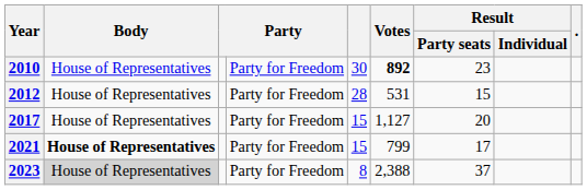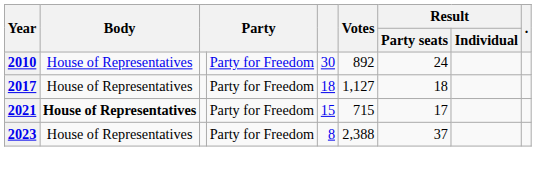 <table class="wikitable plainrowheaders sortable" border=2 cellpadding=4 cellspacing=0 style="border: 1px #aaa solid; font-size: 90%; text-align:center;">
 <tr>
 <th scope="col" rowspan=2>Year</th>
 <th scope="col" rowspan=2>Body</th>
 <th scope="col" colspan=2 rowspan=2>Party</th>
 <th scope="col" rowspan=2></th>
 <th scope="col" rowspan=2>Votes</th>
 <th scope="colgroup" colspan=2>Result</th>
 <th scope="col" rowspan=2 class="unsortable">.</th>
 </tr>
 <tr>
 <th scope="col">Party seats</th>
 <th scope="col">Individual</th>
 </tr>
 <tr>
 <th scope="row"><a href='#'>2010</a></th>
 <td><a href='#'>House of Representatives</a></td>
 <td style="background-color:"></td>
 <td><a href='#'>Party for Freedom</a></td>
 <td style=text-align:right><a href='#'>30</a></td>
-<td style=text-align:right><strong>892</strong></td>
-<td style=text-align:right>23</td>
-<td></td>
-<td></td>
-</tr>
-<tr>
-<th scope="row"><a href='#'>2012</a></th>
-<td>House of Representatives</td>
-<td style="background-color:"></td>
-<td>Party for Freedom</td>
-<td style=text-align:right><a href='#'>28</a></td>
-<td style=text-align:right>531</td>
-<td style=text-align:right>15</td>
+<td style=text-align:right>892</td>
+<td style=text-align:right>24</td>
 <td></td>
 <td></td>
 </tr>
 <tr>
 <th scope="row"><a href='#'>2017</a></th>
 <td>House of Representatives</td>
 <td style="background-color:"></td>
 <td>Party for Freedom</td>
-<td style=text-align:right><a href='#'>15</a></td>
+<td style=text-align:right><a href='#'>18</a></td>
 <td style=text-align:right>1,127</td>
-<td style=text-align:right>20</td>
+<td style=text-align:right>18</td>
 <td></td>
 <td></td>
 </tr>
 <tr>
 <th scope="row"><a href='#'>2021</a></th>
 <td><strong>House of Representatives</strong></td>
 <td style="background-color:"></td>
 <td>Party for Freedom</td>
 <td style=text-align:right><a href='#'>15</a></td>
-<td style=text-align:right>799</td>
+<td style=text-align:right>715</td>
 <td style=text-align:right>17</td>
 <td></td>
 <td></td>
 </tr>
 <tr>
 <th scope="row"><a href='#'>2023</a></th>
-<td style="background: lightgrey;">House of Representatives</td>
+<td>House of Representatives</td>
 <td style="background-color:"></td>
 <td>Party for Freedom</td>
 <td style=text-align:right><a href='#'>8</a></td>
 <td style=text-align:right>2,388</td>
 <td style=text-align:right>37</td>
 <td></td>
 <td></td>
 </tr>
 </table>
